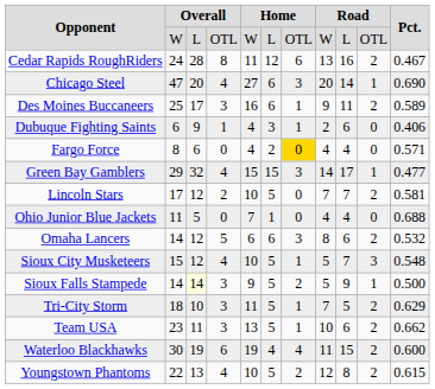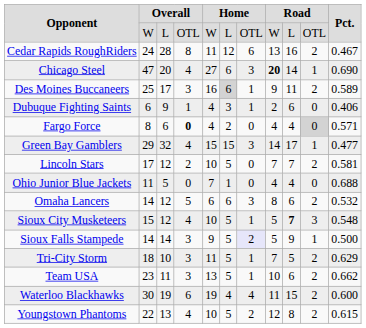 <table class="wikitable" style="text-align: center;">
 <tr align="center" style="font-weight:bold; background-color:#dddddd;">
 <td rowspan="2">Opponent</td>
 <td colspan="3">Overall</td>
 <td colspan="3">Home</td>
 <td colspan="3">Road</td>
 <td rowspan="2">Pct.</td>
 </tr>
 <tr bgcolor="#dddddd">
 <td>W</td>
 <td>L</td>
 <td>OTL</td>
 <td>W</td>
 <td>L</td>
 <td>OTL</td>
 <td>W</td>
 <td>L</td>
 <td>OTL</td>
 </tr>
 <tr>
 <td><a href='#'>Cedar Rapids RoughRiders</a></td>
 <td>24</td>
 <td>28</td>
 <td>8</td>
 <td>11</td>
 <td>12</td>
 <td>6</td>
 <td>13</td>
 <td>16</td>
 <td>2</td>
 <td>0.467</td>
 </tr>
 <tr bgcolor="#eeeeee">
 <td><a href='#'>Chicago Steel</a></td>
 <td>47</td>
 <td>20</td>
 <td>4</td>
 <td>27</td>
 <td>6</td>
 <td>3</td>
-<td>20</td>
+<td><strong>20</strong></td>
 <td>14</td>
 <td>1</td>
 <td>0.690</td>
 </tr>
 <tr>
 <td><a href='#'>Des Moines Buccaneers</a></td>
 <td>25</td>
 <td>17</td>
 <td>3</td>
 <td>16</td>
-<td>6</td>
+<td style="background: lightgrey;">6</td>
 <td>1</td>
 <td>9</td>
 <td>11</td>
 <td>2</td>
 <td>0.589</td>
 </tr>
 <tr bgcolor="#eeeeee">
 <td><a href='#'>Dubuque Fighting Saints</a></td>
 <td>6</td>
 <td>9</td>
 <td>1</td>
 <td>4</td>
 <td>3</td>
 <td>1</td>
 <td>2</td>
 <td>6</td>
 <td>0</td>
 <td>0.406</td>
 </tr>
 <tr>
 <td><a href='#'>Fargo Force</a></td>
 <td>8</td>
 <td>6</td>
+<td><strong>0</strong></td>
+<td>4</td>
+<td>2</td>
 <td>0</td>
 <td>4</td>
-<td>2</td>
-<td style="background: gold;">0</td>
 <td>4</td>
-<td>4</td>
-<td>0</td>
+<td style="background: lightgrey;">0</td>
 <td>0.571</td>
 </tr>
 <tr bgcolor="#eeeeee">
 <td><a href='#'>Green Bay Gamblers</a></td>
 <td>29</td>
 <td>32</td>
 <td>4</td>
 <td>15</td>
 <td>15</td>
 <td>3</td>
 <td>14</td>
 <td>17</td>
 <td>1</td>
 <td>0.477</td>
 </tr>
 <tr>
 <td><a href='#'>Lincoln Stars</a></td>
 <td>17</td>
 <td>12</td>
 <td>2</td>
 <td>10</td>
 <td>5</td>
 <td>0</td>
 <td>7</td>
 <td>7</td>
 <td>2</td>
 <td>0.581</td>
 </tr>
 <tr bgcolor="#eeeeee">
 <td><a href='#'>Ohio Junior Blue Jackets</a></td>
 <td>11</td>
 <td>5</td>
 <td>0</td>
 <td>7</td>
 <td>1</td>
 <td>0</td>
 <td>4</td>
 <td>4</td>
 <td>0</td>
 <td>0.688</td>
 </tr>
 <tr>
 <td><a href='#'>Omaha Lancers</a></td>
 <td>14</td>
 <td>12</td>
 <td>5</td>
 <td>6</td>
 <td>6</td>
 <td>3</td>
 <td>8</td>
 <td>6</td>
 <td>2</td>
 <td>0.532</td>
 </tr>
 <tr bgcolor="#eeeeee">
 <td><a href='#'>Sioux City Musketeers</a></td>
 <td>15</td>
 <td>12</td>
 <td>4</td>
 <td>10</td>
 <td>5</td>
 <td>1</td>
 <td>5</td>
-<td>7</td>
+<td><strong>7</strong></td>
 <td>3</td>
 <td>0.548</td>
 </tr>
 <tr>
 <td><a href='#'>Sioux Falls Stampede</a></td>
 <td>14</td>
-<td style="background: lightyellow;">14</td>
+<td>14</td>
 <td>3</td>
 <td>9</td>
 <td>5</td>
-<td>2</td>
+<td style="background: lavender;">2</td>
 <td>5</td>
 <td>9</td>
 <td>1</td>
 <td>0.500</td>
 </tr>
 <tr bgcolor="#eeeeee">
 <td><a href='#'>Tri-City Storm</a></td>
 <td>18</td>
 <td>10</td>
 <td>3</td>
 <td>11</td>
 <td>5</td>
 <td>1</td>
 <td>7</td>
 <td>5</td>
 <td>2</td>
 <td>0.629</td>
 </tr>
 <tr>
 <td><a href='#'>Team USA</a></td>
 <td>23</td>
 <td>11</td>
 <td>3</td>
 <td>13</td>
 <td>5</td>
 <td>1</td>
 <td>10</td>
 <td>6</td>
 <td>2</td>
 <td>0.662</td>
 </tr>
 <tr bgcolor="#eeeeee">
 <td><a href='#'>Waterloo Blackhawks</a></td>
 <td>30</td>
 <td>19</td>
 <td>6</td>
 <td>19</td>
 <td>4</td>
 <td>4</td>
 <td>11</td>
 <td>15</td>
 <td>2</td>
 <td>0.600</td>
 </tr>
 <tr>
 <td><a href='#'>Youngstown Phantoms</a></td>
 <td>22</td>
 <td>13</td>
 <td>4</td>
 <td>10</td>
 <td>5</td>
 <td>2</td>
 <td>12</td>
 <td>8</td>
 <td>2</td>
 <td>0.615</td>
 </tr>
 </table>
